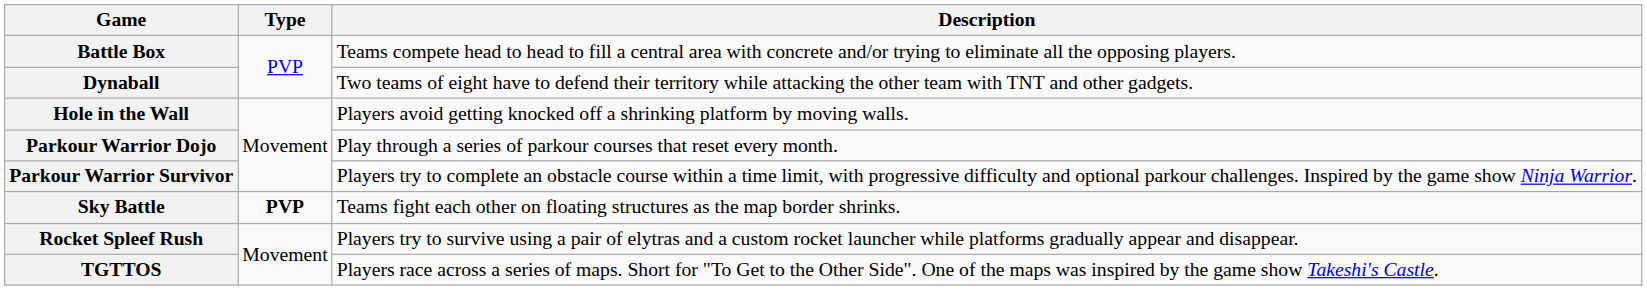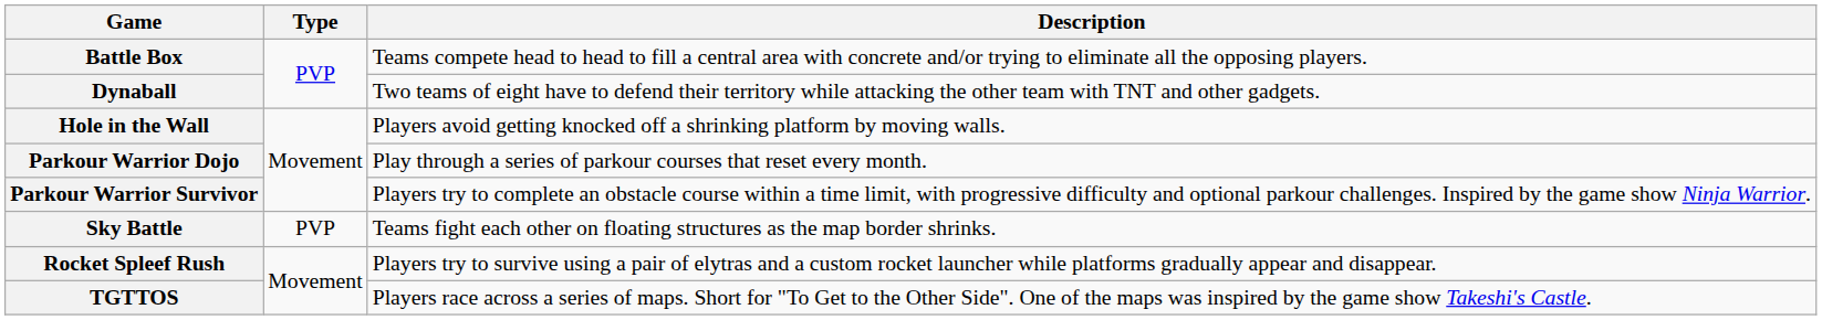 <table class="sortable wikitable  mw-collapsible" +>
 <tr>
 <th>Game</th>
 <th>Type</th>
 <th class="unsortable">Description</th>
 </tr>
 <tr>
 <th>Battle Box</th>
 <td rowspan="2" style="text-align: center;"><a href='#'>PVP</a></td>
 <td>Teams compete head to head to fill a central area with concrete and/or trying to eliminate all the opposing players.</td>
 </tr>
 <tr>
 <th>Dynaball</th>
 <td>Two teams of eight have to defend their territory while attacking the other team with TNT and other gadgets.</td>
 </tr>
 <tr>
 <th>Hole in the Wall</th>
 <td rowspan="3" style="text-align: center;">Movement</td>
 <td>Players avoid getting knocked off a shrinking platform by moving walls.</td>
 </tr>
 <tr>
 <th>Parkour Warrior Dojo</th>
 <td>Play through a series of parkour courses that reset every month.</td>
 </tr>
 <tr>
 <th>Parkour Warrior Survivor</th>
 <td>Players try to complete an obstacle course within a time limit, with progressive difficulty and optional parkour challenges. Inspired by the game show <em><a href='#'>Ninja Warrior</a></em>.</td>
 </tr>
 <tr>
 <th>Sky Battle</th>
-<td style="text-align: center;"><strong>PVP</strong></td>
+<td style="text-align: center;">PVP</td>
 <td>Teams fight each other on floating structures as the map border shrinks.</td>
 </tr>
 <tr>
 <th>Rocket Spleef Rush</th>
 <td rowspan="2">Movement</td>
 <td>Players try to survive using a pair of elytras and a custom rocket launcher while platforms gradually appear and disappear.</td>
 </tr>
 <tr>
 <th>TGTTOS</th>
 <td>Players race across a series of maps. Short for "To Get to the Other Side". One of the maps was inspired by the game show <em><a href='#'>Takeshi's Castle</a></em>.</td>
 </tr>
 </table>
